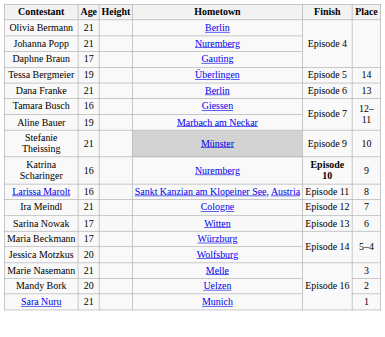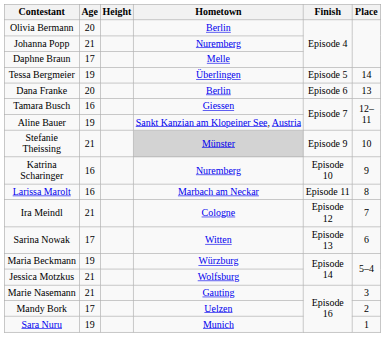 <table class="wikitable sortable" style="text-align:center;">
 <tr>
 <th>Contestant</th>
 <th>Age</th>
 <th>Height</th>
 <th>Hometown</th>
 <th>Finish</th>
 <th>Place</th>
 </tr>
 <tr>
 <td>Olivia Bermann</td>
-<td>21</td>
+<td>20</td>
 <td></td>
 <td><a href='#'>Berlin</a></td>
 <td rowspan="3">Episode 4</td>
 <td rowspan="3"></td>
 </tr>
 <tr>
 <td>Johanna Popp</td>
 <td>21</td>
 <td></td>
 <td><a href='#'>Nuremberg</a></td>
 </tr>
 <tr>
 <td>Daphne Braun</td>
 <td>17</td>
 <td></td>
-<td><a href='#'>Gauting</a></td>
+<td><a href='#'>Melle</a></td>
 </tr>
 <tr>
 <td>Tessa Bergmeier</td>
 <td>19</td>
 <td></td>
 <td><a href='#'>Überlingen</a></td>
 <td>Episode 5</td>
 <td>14</td>
 </tr>
 <tr>
 <td>Dana Franke</td>
-<td>21</td>
+<td>20</td>
 <td></td>
 <td><a href='#'>Berlin</a></td>
 <td>Episode 6</td>
 <td>13</td>
 </tr>
 <tr>
 <td>Tamara Busch</td>
 <td>16</td>
 <td></td>
 <td><a href='#'>Giessen</a></td>
 <td rowspan="2">Episode 7</td>
 <td rowspan="2">12–11</td>
 </tr>
 <tr>
 <td>Aline Bauer</td>
 <td>19</td>
 <td></td>
-<td><a href='#'>Marbach am Neckar</a></td>
+<td nowrap><a href='#'>Sankt Kanzian am Klopeiner See</a>, <a href='#'>Austria</a></td>
 </tr>
 <tr>
 <td>Stefanie Theissing</td>
 <td>21</td>
 <td></td>
 <td style="background: lightgrey;"><a href='#'>Münster</a></td>
 <td>Episode 9</td>
 <td>10</td>
 </tr>
 <tr>
 <td>Katrina Scharinger</td>
 <td>16</td>
 <td></td>
 <td><a href='#'>Nuremberg</a></td>
-<td><strong>Episode 10</strong></td>
+<td>Episode 10</td>
 <td>9</td>
 </tr>
 <tr>
 <td nowrap><a href='#'>Larissa Marolt</a> </td>
 <td>16</td>
 <td></td>
-<td nowrap><a href='#'>Sankt Kanzian am Klopeiner See</a>, <a href='#'>Austria</a></td>
+<td><a href='#'>Marbach am Neckar</a></td>
 <td nowrap>Episode 11</td>
 <td>8</td>
 </tr>
 <tr>
 <td>Ira Meindl</td>
 <td>21</td>
 <td></td>
 <td><a href='#'>Cologne</a></td>
 <td>Episode 12</td>
 <td>7</td>
 </tr>
 <tr>
 <td>Sarina Nowak</td>
 <td>17</td>
 <td></td>
 <td><a href='#'>Witten</a></td>
 <td>Episode 13</td>
 <td>6</td>
 </tr>
 <tr>
 <td>Maria Beckmann</td>
-<td>17</td>
+<td>19</td>
 <td></td>
 <td><a href='#'>Würzburg</a></td>
 <td rowspan="2">Episode 14</td>
 <td rowspan="2">5–4</td>
 </tr>
 <tr>
 <td>Jessica Motzkus</td>
-<td>20</td>
+<td>21</td>
 <td></td>
 <td><a href='#'>Wolfsburg</a></td>
 </tr>
 <tr>
 <td>Marie Nasemann</td>
 <td>21</td>
 <td></td>
-<td><a href='#'>Melle</a></td>
+<td><a href='#'>Gauting</a></td>
 <td rowspan="3">Episode 16</td>
 <td>3</td>
 </tr>
 <tr>
 <td>Mandy Bork</td>
-<td>20</td>
+<td>17</td>
 <td></td>
 <td><a href='#'>Uelzen</a></td>
 <td>2</td>
 </tr>
 <tr>
 <td><a href='#'>Sara Nuru</a></td>
-<td>21</td>
+<td>19</td>
 <td></td>
 <td><a href='#'>Munich</a></td>
 <td>1</td>
 </tr>
 </table>
